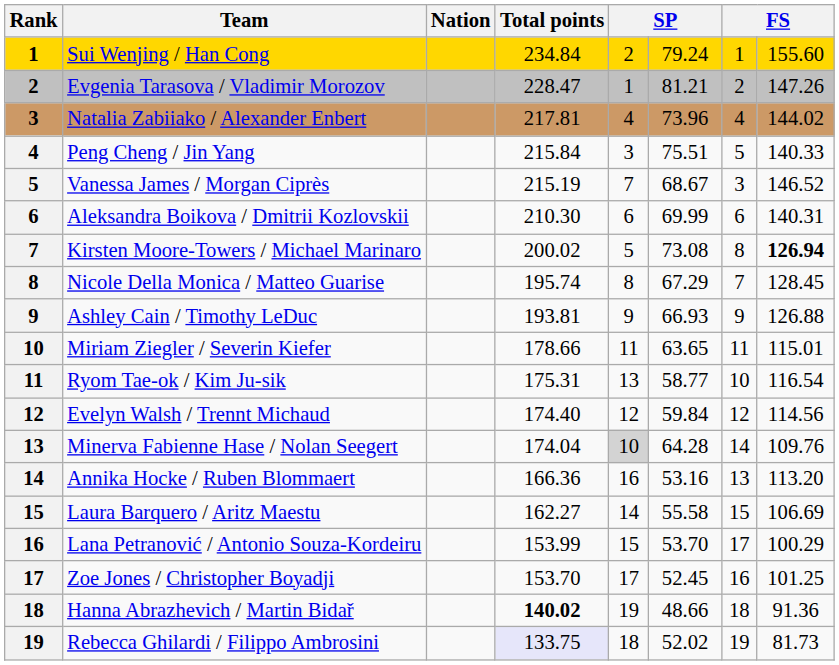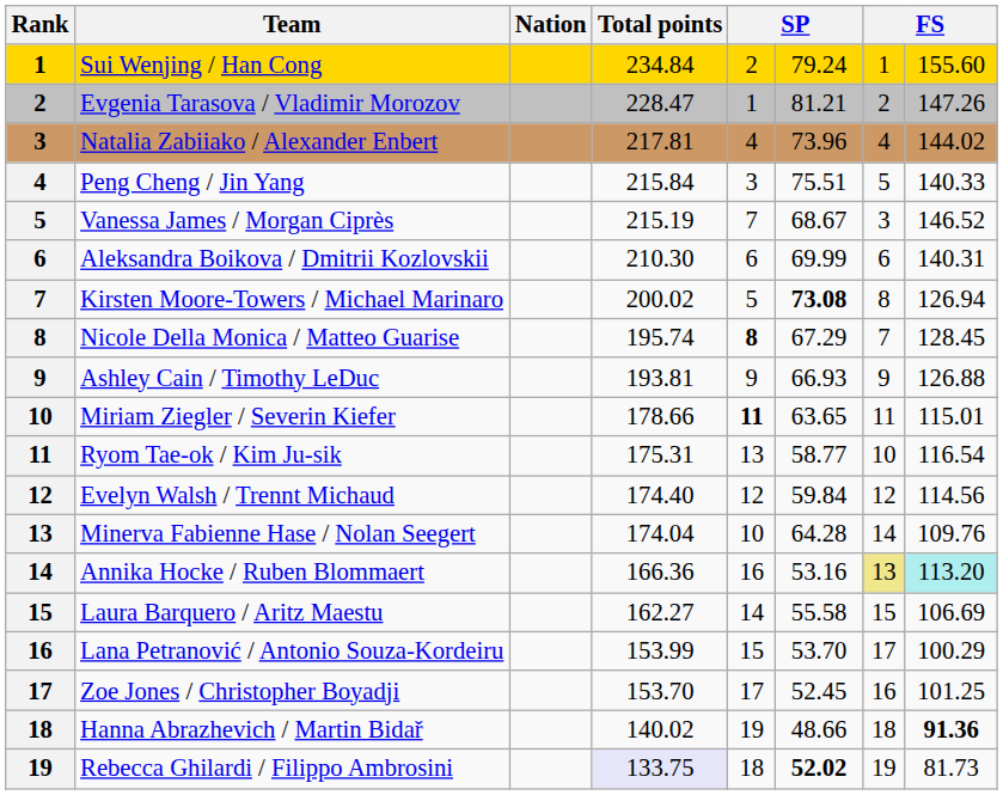 <table class="wikitable sortable">
 <tr>
 <th>Rank</th>
 <th>Team</th>
 <th>Nation</th>
 <th>Total points</th>
 <th colspan="2" width="80px"><a href='#'>SP</a></th>
 <th colspan="2" width="80px"><a href='#'>FS</a></th>
 </tr>
 <tr bgcolor="gold">
 <td align="center"><strong>1</strong></td>
 <td><a href='#'>Sui Wenjing</a> / <a href='#'>Han Cong</a></td>
 <td></td>
 <td align="center">234.84</td>
 <td align="center">2</td>
 <td align="center">79.24</td>
 <td align="center">1</td>
 <td align="center">155.60</td>
 </tr>
 <tr bgcolor="silver">
 <td align="center"><strong>2</strong></td>
 <td><a href='#'>Evgenia Tarasova</a> / <a href='#'>Vladimir Morozov</a></td>
 <td></td>
 <td align="center">228.47</td>
 <td align="center">1</td>
 <td align="center">81.21</td>
 <td align="center">2</td>
 <td align="center">147.26</td>
 </tr>
 <tr bgcolor="cc9966">
 <td align="center"><strong>3</strong></td>
 <td><a href='#'>Natalia Zabiiako</a> / <a href='#'>Alexander Enbert</a></td>
 <td></td>
 <td align="center">217.81</td>
 <td align="center">4</td>
 <td align="center">73.96</td>
 <td align="center">4</td>
 <td align="center">144.02</td>
 </tr>
 <tr>
 <th>4</th>
 <td><a href='#'>Peng Cheng</a> / <a href='#'>Jin Yang</a></td>
 <td></td>
 <td align="center">215.84</td>
 <td align="center">3</td>
 <td align="center">75.51</td>
 <td align="center">5</td>
 <td align="center">140.33</td>
 </tr>
 <tr>
 <th>5</th>
 <td><a href='#'>Vanessa James</a> / <a href='#'>Morgan Ciprès</a></td>
 <td></td>
 <td align="center">215.19</td>
 <td align="center">7</td>
 <td align="center">68.67</td>
 <td align="center">3</td>
 <td align="center">146.52</td>
 </tr>
 <tr>
 <th>6</th>
 <td><a href='#'>Aleksandra Boikova</a> / <a href='#'>Dmitrii Kozlovskii</a></td>
 <td></td>
 <td align="center">210.30</td>
 <td align="center">6</td>
 <td align="center">69.99</td>
 <td align="center">6</td>
 <td align="center">140.31</td>
 </tr>
 <tr>
 <th>7</th>
 <td><a href='#'>Kirsten Moore-Towers</a> / <a href='#'>Michael Marinaro</a></td>
 <td></td>
 <td align="center">200.02</td>
 <td align="center">5</td>
-<td align="center">73.08</td>
+<td align="center"><strong>73.08</strong></td>
 <td align="center">8</td>
-<td align="center"><strong>126.94</strong></td>
+<td align="center">126.94</td>
 </tr>
 <tr>
 <th>8</th>
 <td><a href='#'>Nicole Della Monica</a> / <a href='#'>Matteo Guarise</a></td>
 <td></td>
 <td align="center">195.74</td>
-<td align="center">8</td>
+<td align="center"><strong>8</strong></td>
 <td align="center">67.29</td>
 <td align="center">7</td>
 <td align="center">128.45</td>
 </tr>
 <tr>
 <th>9</th>
 <td><a href='#'>Ashley Cain</a> / <a href='#'>Timothy LeDuc</a></td>
 <td></td>
 <td align="center">193.81</td>
 <td align="center">9</td>
 <td align="center">66.93</td>
 <td align="center">9</td>
 <td align="center">126.88</td>
 </tr>
 <tr>
 <th>10</th>
 <td><a href='#'>Miriam Ziegler</a> / <a href='#'>Severin Kiefer</a></td>
 <td></td>
 <td align="center">178.66</td>
-<td align="center">11</td>
+<td align="center"><strong>11</strong></td>
 <td align="center">63.65</td>
 <td align="center">11</td>
 <td align="center">115.01</td>
 </tr>
 <tr>
 <th>11</th>
 <td><a href='#'>Ryom Tae-ok</a> / <a href='#'>Kim Ju-sik</a></td>
 <td></td>
 <td align="center">175.31</td>
 <td align="center">13</td>
 <td align="center">58.77</td>
 <td align="center">10</td>
 <td align="center">116.54</td>
 </tr>
 <tr>
 <th>12</th>
 <td><a href='#'>Evelyn Walsh</a> / <a href='#'>Trennt Michaud</a></td>
 <td></td>
 <td align="center">174.40</td>
 <td align="center">12</td>
 <td align="center">59.84</td>
 <td align="center">12</td>
 <td align="center">114.56</td>
 </tr>
 <tr>
 <th>13</th>
 <td><a href='#'>Minerva Fabienne Hase</a> / <a href='#'>Nolan Seegert</a></td>
 <td></td>
 <td align="center">174.04</td>
-<td align="center" style="background: lightgrey;">10</td>
+<td align="center">10</td>
 <td align="center">64.28</td>
 <td align="center">14</td>
 <td align="center">109.76</td>
 </tr>
 <tr>
 <th>14</th>
 <td><a href='#'>Annika Hocke</a> / <a href='#'>Ruben Blommaert</a></td>
 <td></td>
 <td align="center">166.36</td>
 <td align="center">16</td>
 <td align="center">53.16</td>
-<td align="center">13</td>
-<td align="center">113.20</td>
+<td align="center" style="background: khaki;">13</td>
+<td align="center" style="background: paleturquoise;">113.20</td>
 </tr>
 <tr>
 <th>15</th>
 <td><a href='#'>Laura Barquero</a> / <a href='#'>Aritz Maestu</a></td>
 <td></td>
 <td align="center">162.27</td>
 <td align="center">14</td>
 <td align="center">55.58</td>
 <td align="center">15</td>
 <td align="center">106.69</td>
 </tr>
 <tr>
 <th>16</th>
 <td><a href='#'>Lana Petranović</a> / <a href='#'>Antonio Souza-Kordeiru</a></td>
 <td></td>
 <td align="center">153.99</td>
 <td align="center">15</td>
 <td align="center">53.70</td>
 <td align="center">17</td>
 <td align="center">100.29</td>
 </tr>
 <tr>
 <th>17</th>
 <td><a href='#'>Zoe Jones</a> / <a href='#'>Christopher Boyadji</a></td>
 <td></td>
 <td align="center">153.70</td>
 <td align="center">17</td>
 <td align="center">52.45</td>
 <td align="center">16</td>
 <td align="center">101.25</td>
 </tr>
 <tr>
 <th>18</th>
 <td><a href='#'>Hanna Abrazhevich</a> / <a href='#'>Martin Bidař</a></td>
 <td></td>
-<td align="center"><strong>140.02</strong></td>
+<td align="center">140.02</td>
 <td align="center">19</td>
 <td align="center">48.66</td>
 <td align="center">18</td>
-<td align="center">91.36</td>
+<td align="center"><strong>91.36</strong></td>
 </tr>
 <tr>
 <th>19</th>
 <td><a href='#'>Rebecca Ghilardi</a> / <a href='#'>Filippo Ambrosini</a></td>
 <td></td>
 <td align="center" style="background: lavender;">133.75</td>
 <td align="center">18</td>
-<td align="center">52.02</td>
+<td align="center"><strong>52.02</strong></td>
 <td align="center">19</td>
 <td align="center">81.73</td>
 </tr>
 </table>
